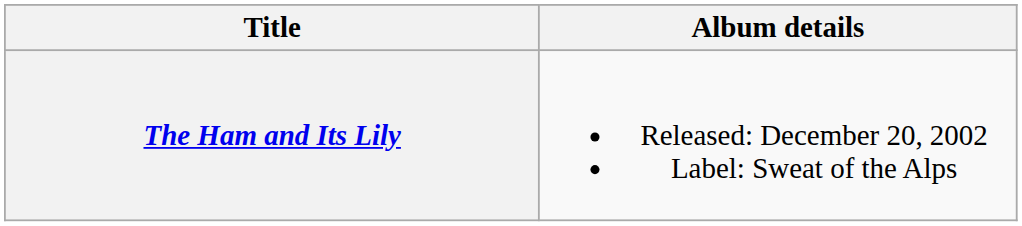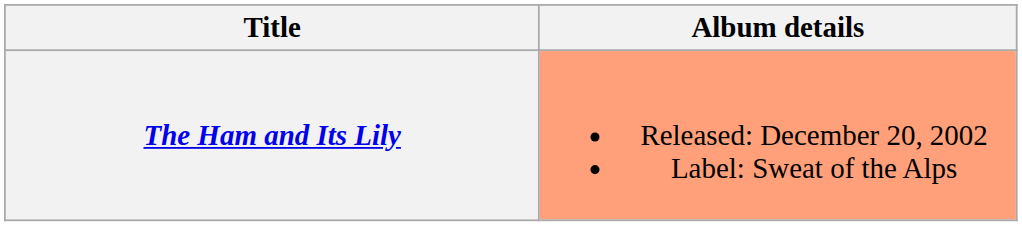 <table class="wikitable plainrowheaders" style="text-align:center;">
 <tr>
 <th scope="col" style="width:18em;">Title</th>
 <th scope="col" style="width:16em;">Album details</th>
 </tr>
 <tr>
 <th scope="row"><em><a href='#'>The Ham and Its Lily</a></em><br></th>
-<td><br><ul><li>Released: December 20, 2002</li><li>Label: Sweat of the Alps</li></ul></td>
+<td style="background: lightsalmon;"><br><ul><li>Released: December 20, 2002</li><li>Label: Sweat of the Alps</li></ul></td>
 </tr>
 </table>
